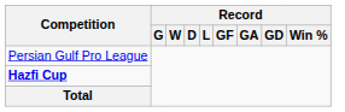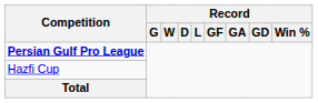 <table class="wikitable" style="text-align: center">
 <tr>
 <th rowspan=2>Competition</th>
 <th colspan=9>Record</th>
 </tr>
 <tr>
 <th>G</th>
 <th>W</th>
 <th>D</th>
 <th>L</th>
 <th>GF</th>
 <th>GA</th>
 <th>GD</th>
 <th>Win %</th>
 </tr>
 <tr>
-<td style="text-align: left"><a href='#'>Persian Gulf Pro League</a><br></td>
+<td style="text-align: left"><strong><a href='#'>Persian Gulf Pro League</a><br></strong></td>
 </tr>
 <tr>
-<td style="text-align: left"><strong><a href='#'>Hazfi Cup</a><br></strong></td>
+<td style="text-align: left"><a href='#'>Hazfi Cup</a><br></td>
 </tr>
 <tr>
 <th>Total<br></th>
 </tr>
 </table>
